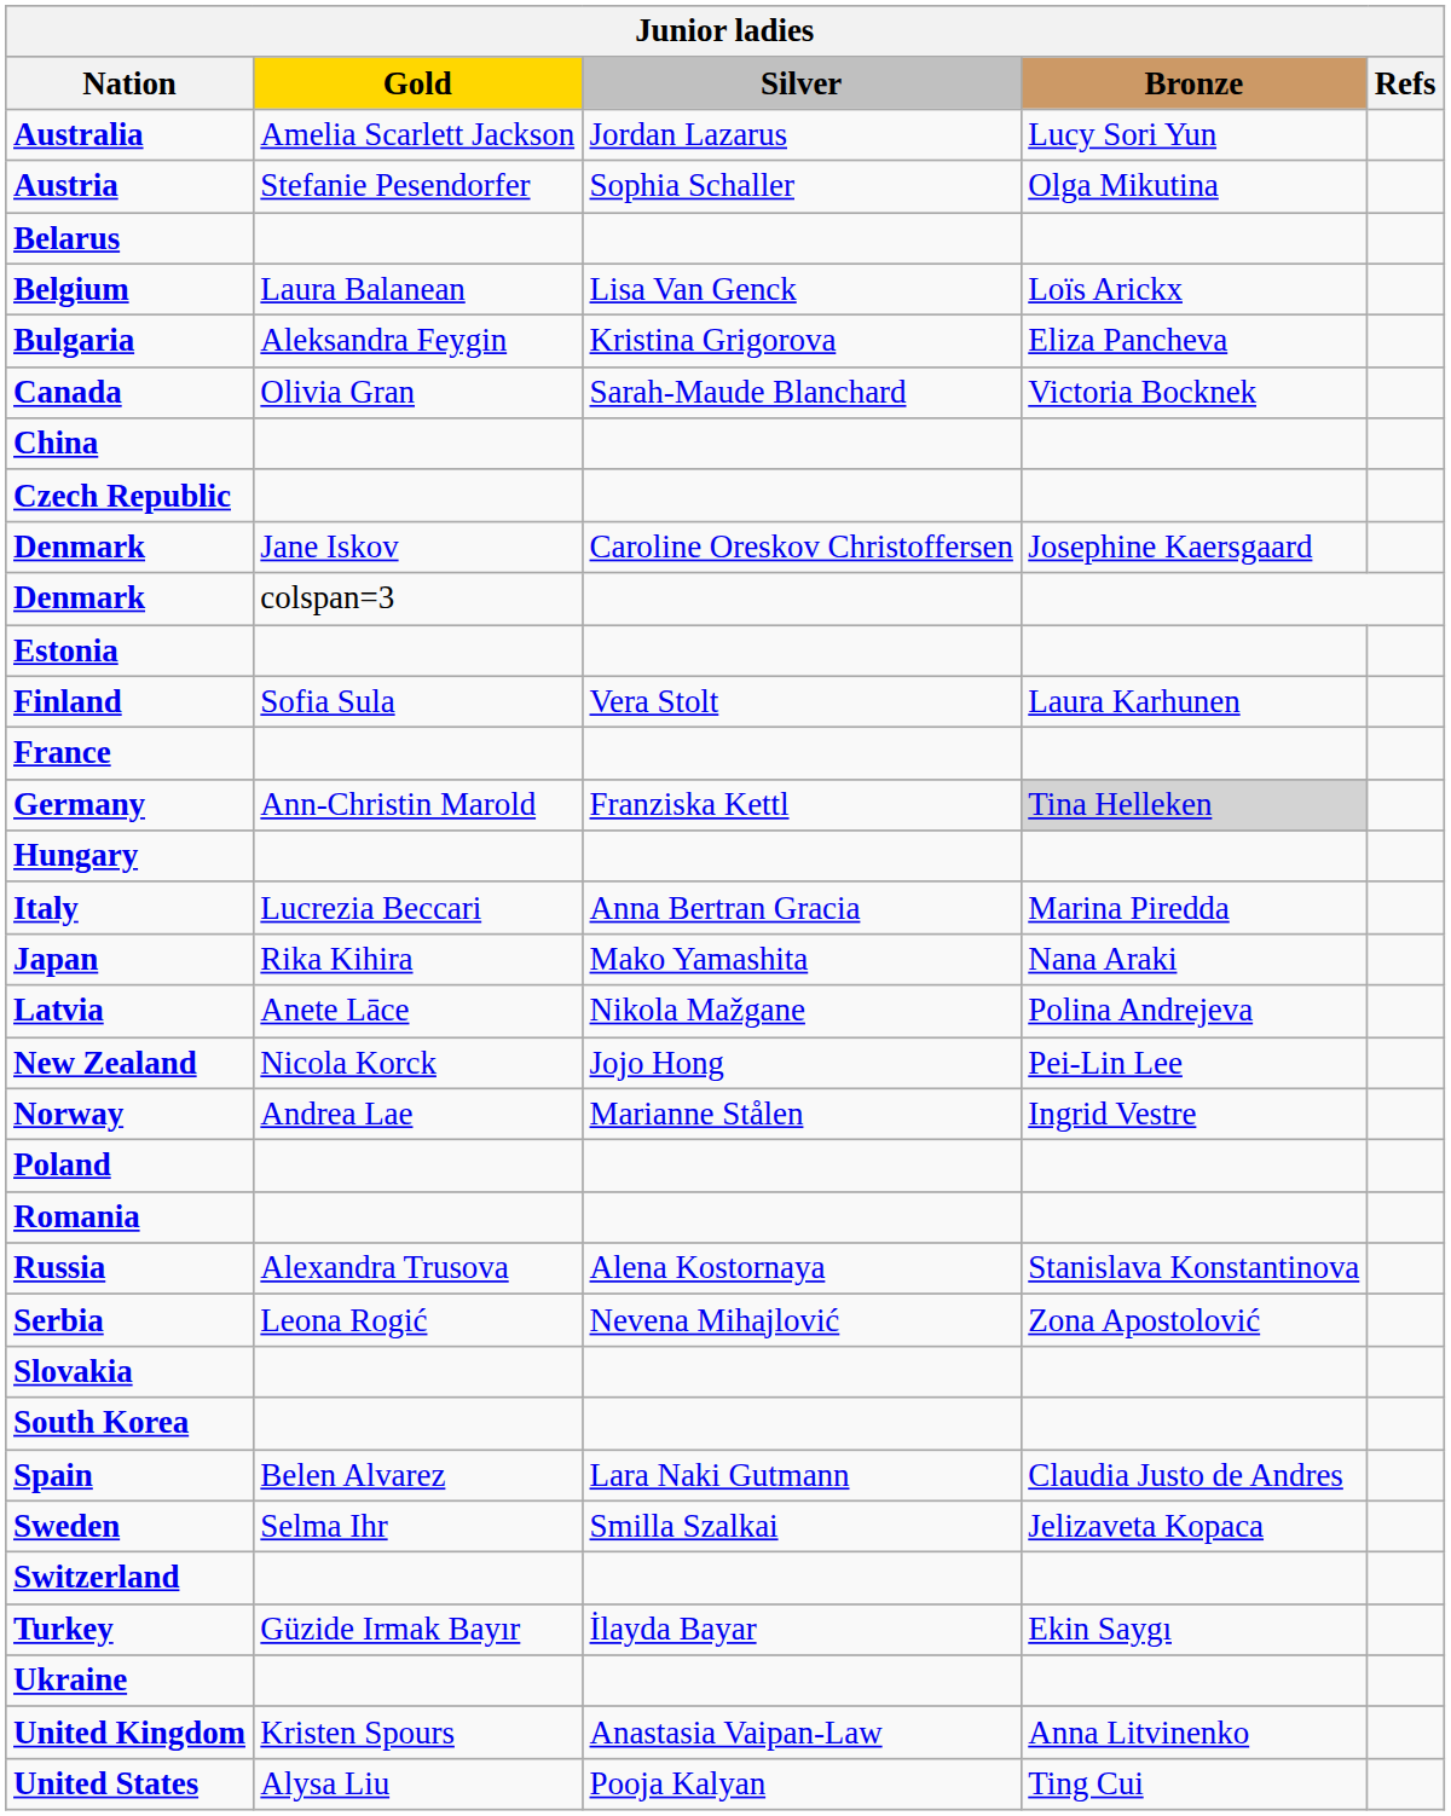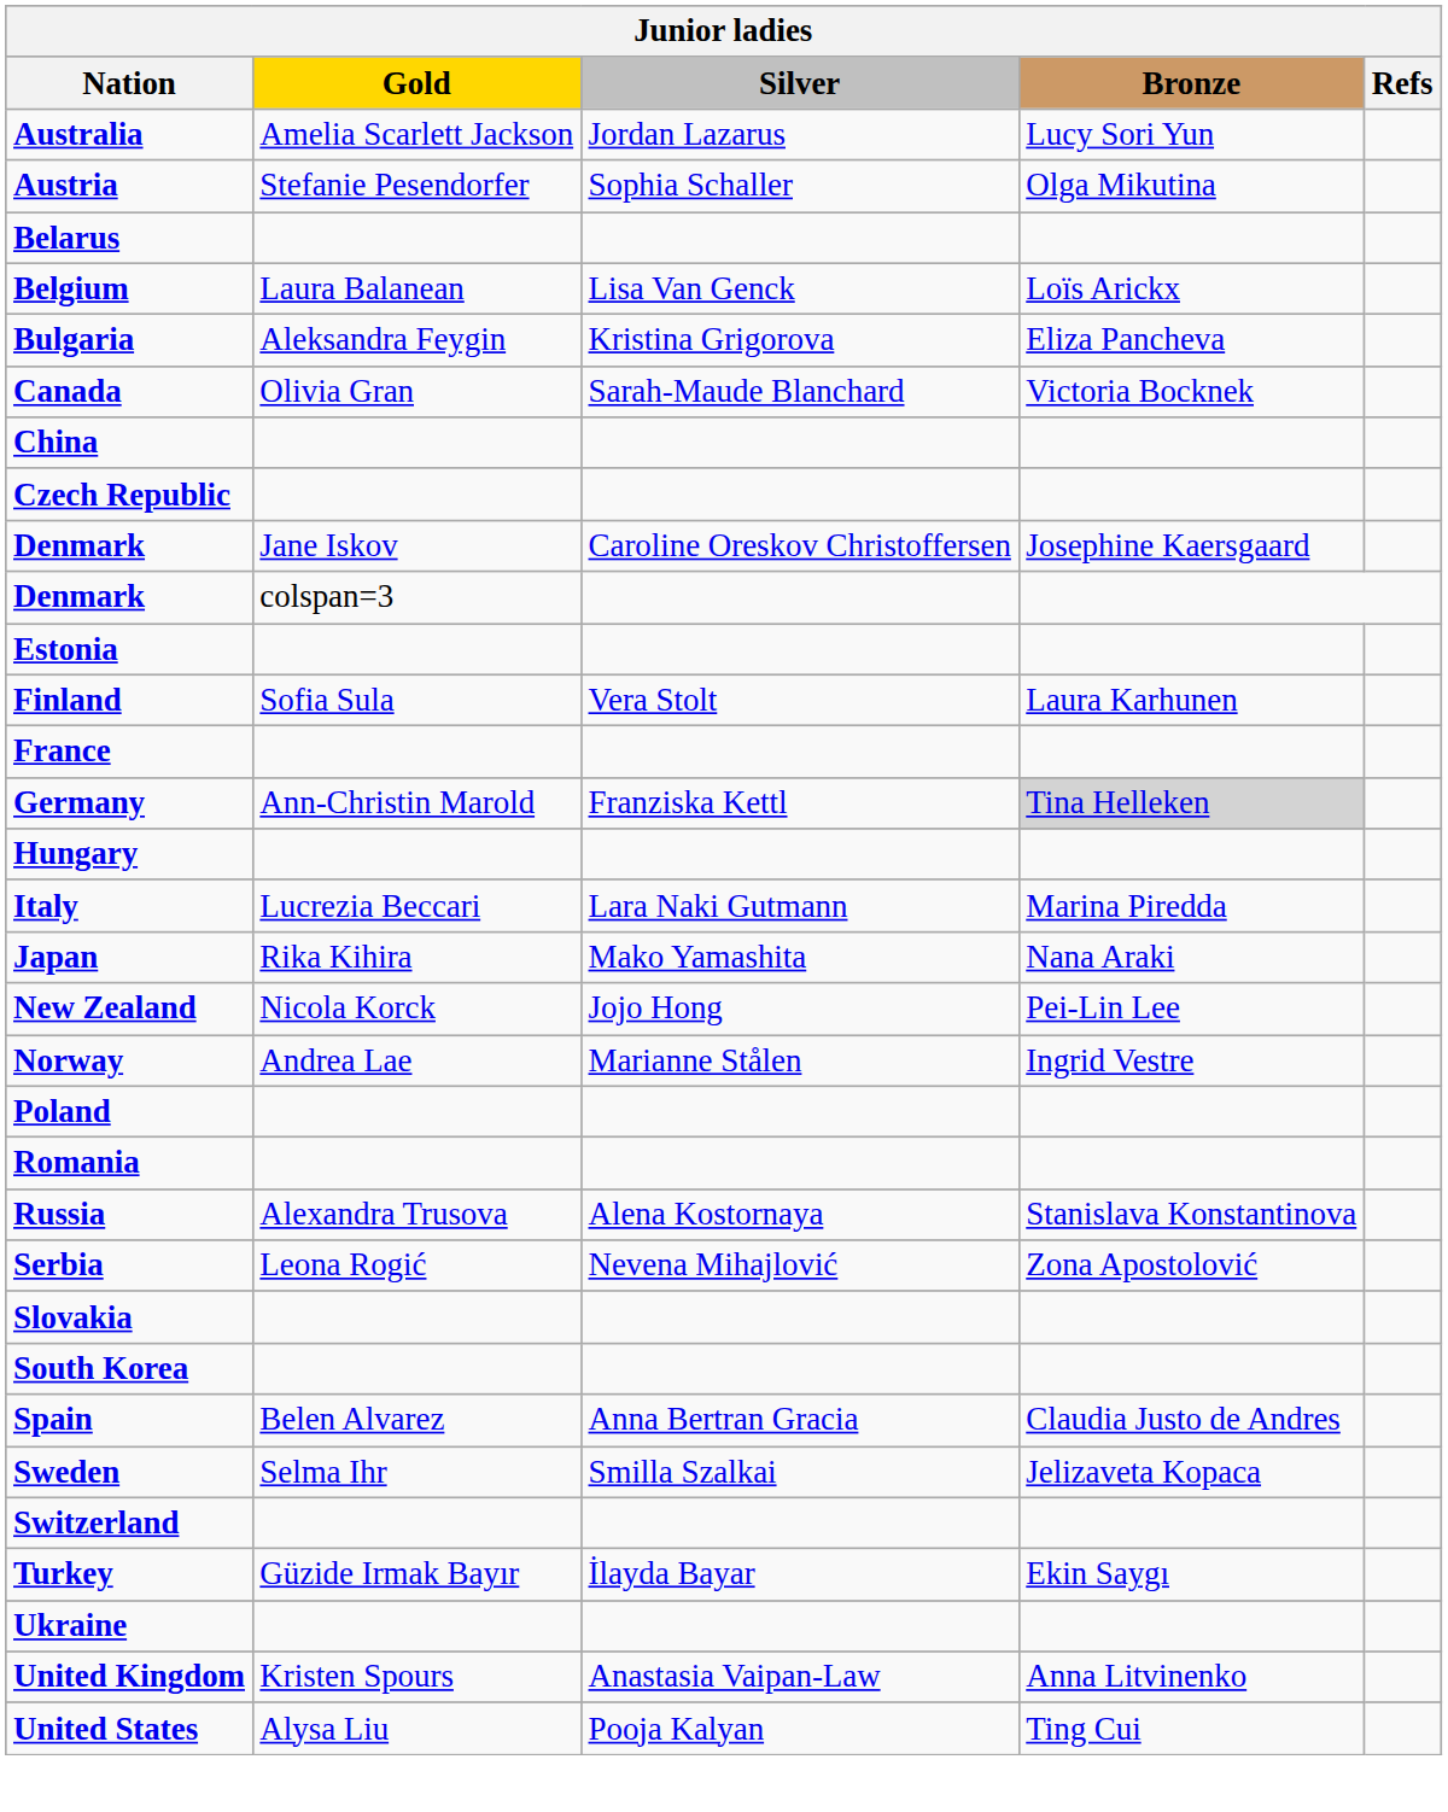 <table class="wikitable">
 <tr>
 <th colspan=5>Junior ladies</th>
 </tr>
 <tr>
 <th>Nation</th>
 <td style="text-align:center; background:gold;"><strong>Gold</strong></td>
 <td style="text-align:center; background:silver;"><strong>Silver</strong></td>
 <td style="text-align:center; background:#c96;"><strong>Bronze</strong></td>
 <th>Refs</th>
 </tr>
 <tr>
 <td><strong><a href='#'>Australia</a></strong></td>
 <td><a href='#'>Amelia Scarlett Jackson</a></td>
 <td><a href='#'>Jordan Lazarus</a></td>
 <td><a href='#'>Lucy Sori Yun</a></td>
 <td></td>
 </tr>
 <tr>
 <td><strong><a href='#'>Austria</a></strong></td>
 <td><a href='#'>Stefanie Pesendorfer</a></td>
 <td><a href='#'>Sophia Schaller</a></td>
 <td><a href='#'>Olga Mikutina</a></td>
 <td></td>
 </tr>
 <tr>
 <td><strong><a href='#'>Belarus</a></strong></td>
 <td></td>
 <td></td>
 <td></td>
 <td></td>
 </tr>
 <tr>
 <td><strong><a href='#'>Belgium</a></strong></td>
 <td><a href='#'>Laura Balanean</a></td>
 <td><a href='#'>Lisa Van Genck</a></td>
 <td><a href='#'>Loïs Arickx</a></td>
 <td></td>
 </tr>
 <tr>
 <td><strong><a href='#'>Bulgaria</a></strong></td>
 <td><a href='#'>Aleksandra Feygin</a></td>
 <td><a href='#'>Kristina Grigorova</a></td>
 <td><a href='#'>Eliza Pancheva</a></td>
 <td></td>
 </tr>
 <tr>
 <td><strong><a href='#'>Canada</a></strong></td>
 <td><a href='#'>Olivia Gran</a></td>
 <td><a href='#'>Sarah-Maude Blanchard</a></td>
 <td><a href='#'>Victoria Bocknek</a></td>
 <td></td>
 </tr>
 <tr>
 <td><strong><a href='#'>China</a></strong></td>
 <td></td>
 <td></td>
 <td></td>
 <td></td>
 </tr>
 <tr>
 <td><strong><a href='#'>Czech Republic</a></strong></td>
 <td></td>
 <td></td>
 <td></td>
 <td></td>
 </tr>
 <tr>
 <td><strong><a href='#'>Denmark</a></strong></td>
 <td><a href='#'>Jane Iskov</a></td>
 <td><a href='#'>Caroline Oreskov Christoffersen</a></td>
 <td><a href='#'>Josephine Kaersgaard</a></td>
 <td></td>
 </tr>
 <tr>
 <td><strong><a href='#'>Denmark</a></strong></td>
 <td>colspan=3 </td>
 <td></td>
 </tr>
 <tr>
 <td><strong><a href='#'>Estonia</a></strong></td>
 <td></td>
 <td></td>
 <td></td>
 <td></td>
 </tr>
 <tr>
 <td><strong><a href='#'>Finland</a></strong></td>
 <td><a href='#'>Sofia Sula</a></td>
 <td><a href='#'>Vera Stolt</a></td>
 <td><a href='#'>Laura Karhunen</a></td>
 <td></td>
 </tr>
 <tr>
 <td><strong><a href='#'>France</a></strong></td>
 <td></td>
 <td></td>
 <td></td>
 <td></td>
 </tr>
 <tr>
 <td><strong><a href='#'>Germany</a></strong></td>
 <td><a href='#'>Ann-Christin Marold</a></td>
 <td><a href='#'>Franziska Kettl</a></td>
 <td style="background: lightgrey;"><a href='#'>Tina Helleken</a></td>
 <td></td>
 </tr>
 <tr>
 <td><strong><a href='#'>Hungary</a></strong></td>
 <td></td>
 <td></td>
 <td></td>
 <td></td>
 </tr>
 <tr>
 <td><strong><a href='#'>Italy</a></strong></td>
 <td><a href='#'>Lucrezia Beccari</a></td>
-<td><a href='#'>Anna Bertran Gracia</a></td>
+<td><a href='#'>Lara Naki Gutmann</a></td>
 <td><a href='#'>Marina Piredda</a></td>
 <td></td>
 </tr>
 <tr>
 <td><strong><a href='#'>Japan</a></strong></td>
 <td><a href='#'>Rika Kihira</a></td>
 <td><a href='#'>Mako Yamashita</a></td>
 <td><a href='#'>Nana Araki</a></td>
-<td></td>
-</tr>
-<tr>
-<td><strong><a href='#'>Latvia</a></strong></td>
-<td><a href='#'>Anete Lāce</a></td>
-<td><a href='#'>Nikola Mažgane</a></td>
-<td><a href='#'>Polina Andrejeva</a></td>
 <td></td>
 </tr>
 <tr>
 <td><strong><a href='#'>New Zealand</a></strong></td>
 <td><a href='#'>Nicola Korck</a></td>
 <td><a href='#'>Jojo Hong</a></td>
 <td><a href='#'>Pei-Lin Lee</a></td>
 <td></td>
 </tr>
 <tr>
 <td><strong><a href='#'>Norway</a></strong></td>
 <td><a href='#'>Andrea Lae</a></td>
 <td><a href='#'>Marianne Stålen</a></td>
 <td><a href='#'>Ingrid Vestre</a></td>
 <td></td>
 </tr>
 <tr>
 <td><strong><a href='#'>Poland</a></strong></td>
 <td></td>
 <td></td>
 <td></td>
 <td></td>
 </tr>
 <tr>
 <td><strong><a href='#'>Romania</a></strong></td>
 <td></td>
 <td></td>
 <td></td>
 <td></td>
 </tr>
 <tr>
 <td><strong><a href='#'>Russia</a></strong></td>
 <td><a href='#'>Alexandra Trusova</a></td>
 <td><a href='#'>Alena Kostornaya</a></td>
 <td><a href='#'>Stanislava Konstantinova</a></td>
 <td></td>
 </tr>
 <tr>
 <td><strong><a href='#'>Serbia</a></strong></td>
 <td><a href='#'>Leona Rogić</a></td>
 <td><a href='#'>Nevena Mihajlović</a></td>
 <td><a href='#'>Zona Apostolović</a></td>
 <td></td>
 </tr>
 <tr>
 <td><strong><a href='#'>Slovakia</a></strong></td>
 <td></td>
 <td></td>
 <td></td>
 <td></td>
 </tr>
 <tr>
 <td><strong><a href='#'>South Korea</a></strong></td>
 <td></td>
 <td></td>
 <td></td>
 <td></td>
 </tr>
 <tr>
 <td><strong><a href='#'>Spain</a></strong></td>
 <td><a href='#'>Belen Alvarez</a></td>
-<td><a href='#'>Lara Naki Gutmann</a></td>
+<td><a href='#'>Anna Bertran Gracia</a></td>
 <td><a href='#'>Claudia Justo de Andres</a></td>
 <td></td>
 </tr>
 <tr>
 <td><strong><a href='#'>Sweden</a></strong></td>
 <td><a href='#'>Selma Ihr</a></td>
 <td><a href='#'>Smilla Szalkai</a></td>
 <td><a href='#'>Jelizaveta Kopaca</a></td>
 <td></td>
 </tr>
 <tr>
 <td><strong><a href='#'>Switzerland</a></strong></td>
 <td></td>
 <td></td>
 <td></td>
 <td></td>
 </tr>
 <tr>
 <td><strong><a href='#'>Turkey</a></strong></td>
 <td><a href='#'>Güzide Irmak Bayır</a></td>
 <td><a href='#'>İlayda Bayar</a></td>
 <td><a href='#'>Ekin Saygı</a></td>
 <td></td>
 </tr>
 <tr>
 <td><strong><a href='#'>Ukraine</a></strong></td>
 <td></td>
 <td></td>
 <td></td>
 <td></td>
 </tr>
 <tr>
 <td><strong><a href='#'>United Kingdom</a></strong></td>
 <td><a href='#'>Kristen Spours</a></td>
 <td><a href='#'>Anastasia Vaipan-Law</a></td>
 <td><a href='#'>Anna Litvinenko</a></td>
 <td></td>
 </tr>
 <tr>
 <td><strong><a href='#'>United States</a></strong></td>
 <td><a href='#'>Alysa Liu</a></td>
 <td><a href='#'>Pooja Kalyan</a></td>
 <td><a href='#'>Ting Cui</a></td>
 <td></td>
 </tr>
 </table>
